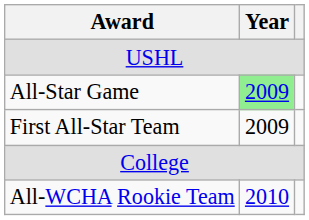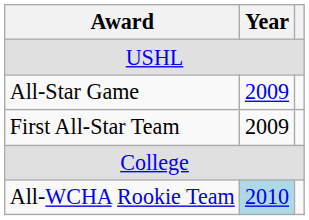 <table class="wikitable">
 <tr>
 <th>Award</th>
 <th>Year</th>
 <th></th>
 </tr>
 <tr ALIGN="center" bgcolor="#e0e0e0">
 <td colspan="3"><a href='#'>USHL</a></td>
 </tr>
 <tr>
 <td>All-Star Game</td>
-<td style="background: lightgreen;"><a href='#'>2009</a></td>
+<td><a href='#'>2009</a></td>
 <td></td>
 </tr>
 <tr>
 <td>First All-Star Team</td>
 <td>2009</td>
 <td></td>
 </tr>
 <tr ALIGN="center" bgcolor="#e0e0e0">
 <td colspan="3"><a href='#'>College</a></td>
 </tr>
 <tr>
 <td>All-<a href='#'>WCHA</a> <a href='#'>Rookie Team</a></td>
-<td><a href='#'>2010</a></td>
+<td style="background: lightblue;"><a href='#'>2010</a></td>
 <td></td>
 </tr>
 </table>
